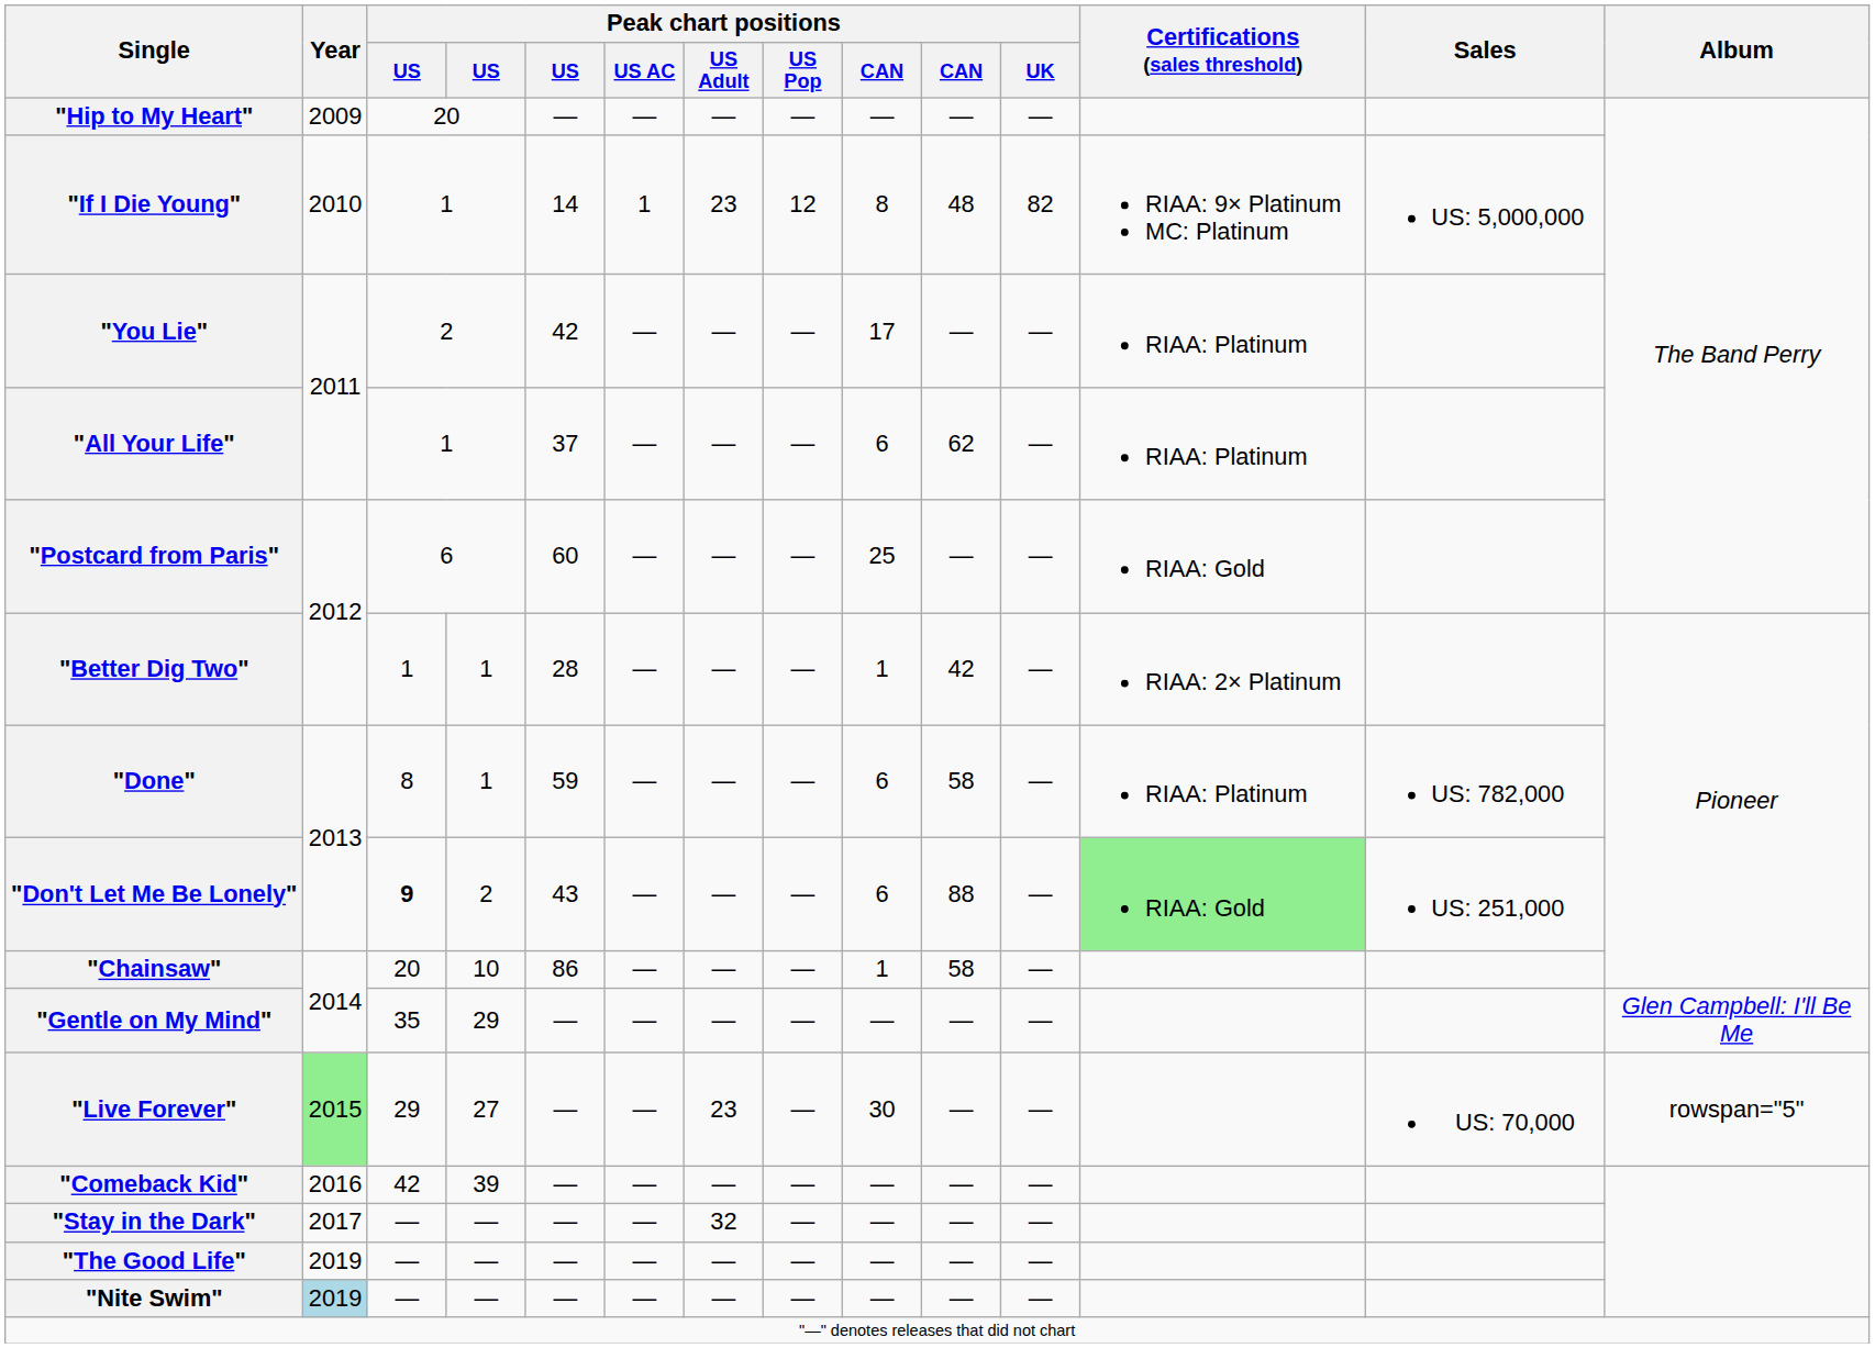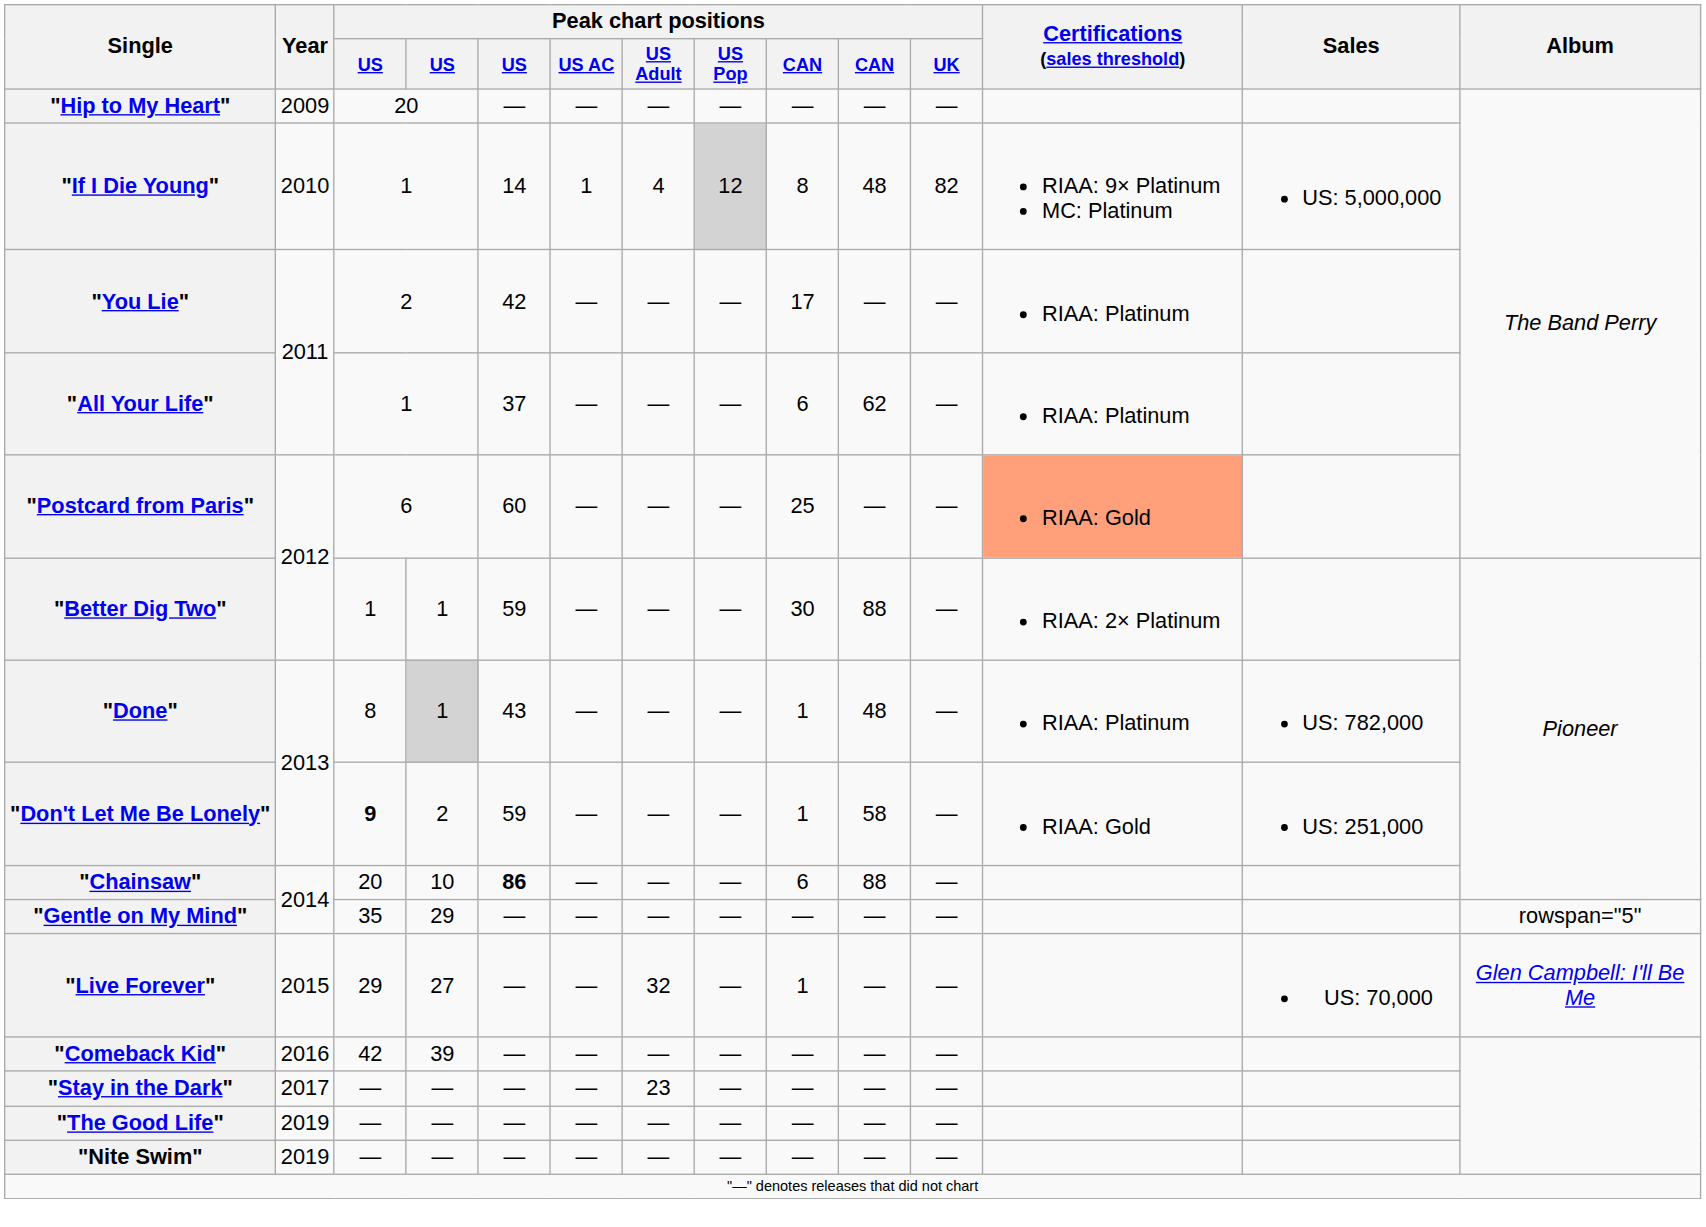 <table class="wikitable plainrowheaders" style="text-align:center;">
 <tr>
 <th rowspan="2" style="width:12em;">Single</th>
 <th rowspan="2">Year</th>
 <th colspan="9">Peak chart positions</th>
 <th rowspan="2" style="width:11.5em;"><a href='#'>Certifications</a><br><small>(<a href='#'>sales threshold</a>)</small></th>
 <th rowspan="2" style="width:9.5em;">Sales</th>
 <th rowspan="2">Album</th>
 </tr>
 <tr style="font-size:smaller;">
 <th style="width:3.5em;"><a href='#'>US </a><br></th>
 <th style="width:3.5em;"><a href='#'>US </a><br></th>
 <th style="width:3.5em;"><a href='#'>US</a><br></th>
 <th style="width:3.5em;"><a href='#'>US AC</a><br></th>
 <th style="width:3.5em;"><a href='#'>US Adult</a><br></th>
 <th style="width:3.5em;"><a href='#'>US<br>Pop</a><br></th>
 <th style="width:3.5em;"><a href='#'>CAN </a><br></th>
 <th style="width:3.5em;"><a href='#'>CAN</a><br></th>
 <th style="width:3.5em;"><a href='#'>UK</a><br></th>
 </tr>
 <tr>
 <th scope="row">"<a href='#'>Hip to My Heart</a>"</th>
 <td>2009</td>
 <td colspan="2">20</td>
 <td>—</td>
 <td>—</td>
 <td>—</td>
 <td>—</td>
 <td>—</td>
 <td>—</td>
 <td>—</td>
 <td></td>
 <td></td>
 <td rowspan="5"><em>The Band Perry</em></td>
 </tr>
 <tr>
 <th scope="row">"<a href='#'>If I Die Young</a>"</th>
 <td>2010</td>
 <td colspan="2">1</td>
 <td>14</td>
 <td>1</td>
-<td>23</td>
-<td>12</td>
+<td>4</td>
+<td style="background: lightgrey;">12</td>
 <td>8</td>
 <td>48</td>
 <td>82</td>
 <td style="text-align:left;"><br><ul><li>RIAA: 9× Platinum</li><li>MC: Platinum</li></ul></td>
 <td style="text-align:left;"><br><ul><li>US: 5,000,000</li></ul></td>
 </tr>
 <tr>
 <th scope="row">"<a href='#'>You Lie</a>"</th>
 <td rowspan="2">2011</td>
 <td colspan="2">2</td>
 <td>42</td>
 <td>—</td>
 <td>—</td>
 <td>—</td>
 <td>17</td>
 <td>—</td>
 <td>—</td>
 <td style="text-align:left;"><br><ul><li>RIAA: Platinum</li></ul></td>
 <td style="text-align:left;"></td>
 </tr>
 <tr>
 <th scope="row">"<a href='#'>All Your Life</a>"</th>
 <td colspan="2">1</td>
 <td>37</td>
 <td>—</td>
 <td>—</td>
 <td>—</td>
 <td>6</td>
 <td>62</td>
 <td>—</td>
 <td style="text-align:left;"><br><ul><li>RIAA: Platinum</li></ul></td>
 <td style="text-align:left;"></td>
 </tr>
 <tr>
 <th scope="row">"<a href='#'>Postcard from Paris</a>"</th>
 <td rowspan="2">2012</td>
 <td colspan="2">6</td>
 <td>60</td>
 <td>—</td>
 <td>—</td>
 <td>—</td>
 <td>25</td>
 <td>—</td>
 <td>—</td>
-<td style="text-align:left;"><br><ul><li>RIAA: Gold</li></ul></td>
+<td style="background: lightsalmon; text-align:left;"><br><ul><li>RIAA: Gold</li></ul></td>
 <td style="text-align:left;"></td>
 </tr>
 <tr>
 <th scope="row">"<a href='#'>Better Dig Two</a>"</th>
 <td>1</td>
 <td>1</td>
-<td>28</td>
+<td>59</td>
 <td>—</td>
 <td>—</td>
 <td>—</td>
-<td>1</td>
-<td>42</td>
+<td>30</td>
+<td>88</td>
 <td>—</td>
 <td style="text-align:left;"><br><ul><li>RIAA: 2× Platinum</li></ul></td>
 <td style="text-align:left;"></td>
 <td rowspan="4"><em>Pioneer</em></td>
 </tr>
 <tr>
 <th scope="row">"<a href='#'>Done</a>"</th>
 <td rowspan="2">2013</td>
 <td>8</td>
-<td>1</td>
-<td>59</td>
+<td style="background: lightgrey;">1</td>
+<td>43</td>
 <td>—</td>
 <td>—</td>
 <td>—</td>
-<td>6</td>
-<td>58</td>
+<td>1</td>
+<td>48</td>
 <td>—</td>
 <td style="text-align:left;"><br><ul><li>RIAA: Platinum</li></ul></td>
 <td style="text-align:left;"><br><ul><li>US: 782,000</li></ul></td>
 </tr>
 <tr>
 <th scope="row">"<a href='#'>Don't Let Me Be Lonely</a>"</th>
 <td><strong>9</strong></td>
 <td>2</td>
-<td>43</td>
+<td>59</td>
 <td>—</td>
 <td>—</td>
 <td>—</td>
-<td>6</td>
-<td>88</td>
+<td>1</td>
+<td>58</td>
 <td>—</td>
-<td style="background: lightgreen; text-align:left;"><br><ul><li>RIAA: Gold</li></ul></td>
+<td style="text-align:left;"><br><ul><li>RIAA: Gold</li></ul></td>
 <td style="text-align:left;"><br><ul><li>US: 251,000</li></ul></td>
 </tr>
 <tr>
 <th scope="row">"<a href='#'>Chainsaw</a>"</th>
 <td rowspan="2">2014</td>
 <td>20</td>
 <td>10</td>
-<td>86</td>
+<td><strong>86</strong></td>
 <td>—</td>
 <td>—</td>
 <td>—</td>
-<td>1</td>
-<td>58</td>
+<td>6</td>
+<td>88</td>
 <td>—</td>
 <td></td>
 <td></td>
 </tr>
 <tr>
 <th scope="row">"<a href='#'>Gentle on My Mind</a>"</th>
 <td>35</td>
 <td>29</td>
 <td>—</td>
 <td>—</td>
 <td>—</td>
 <td>—</td>
 <td>—</td>
 <td>—</td>
 <td>—</td>
 <td></td>
 <td></td>
-<td><em><a href='#'>Glen Campbell: I'll Be Me</a></em></td>
+<td>rowspan="5" </td>
 </tr>
 <tr>
 <th scope="row">"<a href='#'>Live Forever</a>"</th>
-<td style="background: lightgreen;">2015</td>
+<td>2015</td>
 <td>29</td>
 <td>27</td>
 <td>—</td>
 <td>—</td>
-<td>23</td>
+<td>32</td>
 <td>—</td>
-<td>30</td>
+<td>1</td>
 <td>—</td>
 <td>—</td>
 <td></td>
 <td><br><ul><li>US: 70,000</li></ul></td>
-<td>rowspan="5" </td>
+<td><em><a href='#'>Glen Campbell: I'll Be Me</a></em></td>
 </tr>
 <tr>
 <th scope="row">"<a href='#'>Comeback Kid</a>"</th>
 <td>2016</td>
 <td>42</td>
 <td>39</td>
 <td>—</td>
 <td>—</td>
 <td>—</td>
 <td>—</td>
 <td>—</td>
 <td>—</td>
 <td>—</td>
 <td></td>
 <td></td>
 </tr>
 <tr>
 <th scope="row">"<a href='#'>Stay in the Dark</a>"</th>
 <td>2017</td>
 <td>—</td>
 <td>—</td>
 <td>—</td>
 <td>—</td>
-<td>32</td>
+<td>23</td>
 <td>—</td>
 <td>—</td>
 <td>—</td>
 <td>—</td>
 <td></td>
 <td></td>
 </tr>
 <tr>
 <th scope="row">"<a href='#'>The Good Life</a>"</th>
 <td>2019</td>
 <td>—</td>
 <td>—</td>
 <td>—</td>
 <td>—</td>
 <td>—</td>
 <td>—</td>
 <td>—</td>
 <td>—</td>
 <td>—</td>
 <td></td>
 <td></td>
 </tr>
 <tr>
 <th scope="row">"Nite Swim"</th>
-<td style="background: lightblue;">2019</td>
+<td>2019</td>
 <td>—</td>
 <td>—</td>
 <td>—</td>
 <td>—</td>
 <td>—</td>
 <td>—</td>
 <td>—</td>
 <td>—</td>
 <td>—</td>
 <td></td>
 <td></td>
 </tr>
 <tr>
 <td colspan="14" style="font-size:8pt">"—" denotes releases that did not chart</td>
 </tr>
 </table>
